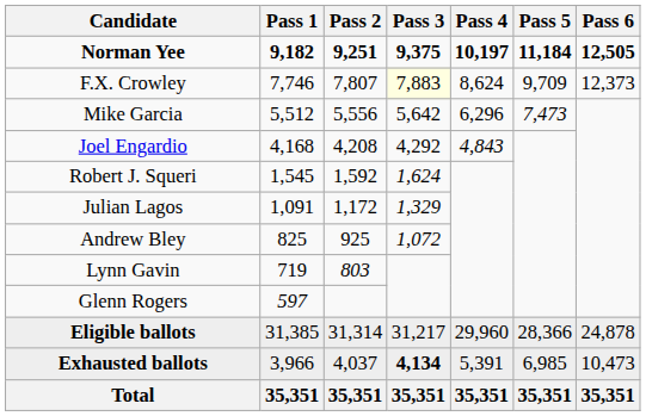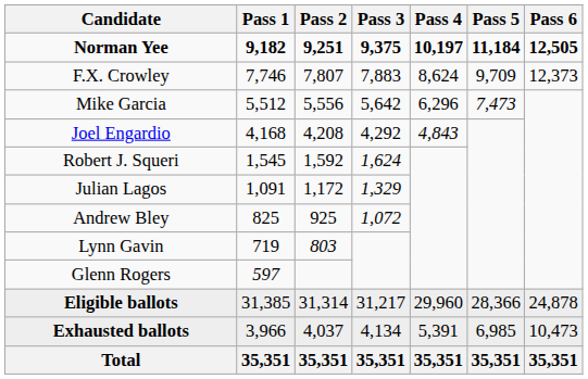 <table class="wikitable" style="text-align: center;">
 <tr>
 <th width="200">Candidate</th>
 <th>Pass 1</th>
 <th>Pass 2</th>
 <th>Pass 3</th>
 <th>Pass 4</th>
 <th>Pass 5</th>
 <th>Pass 6</th>
 </tr>
 <tr>
 <td><strong>Norman Yee</strong></td>
 <td><strong>9,182</strong></td>
 <td><strong>9,251</strong></td>
 <td><strong>9,375</strong></td>
 <td><strong>10,197</strong></td>
 <td><strong>11,184</strong></td>
 <td><strong>12,505</strong></td>
 </tr>
 <tr>
 <td>F.X. Crowley</td>
 <td>7,746</td>
 <td>7,807</td>
-<td style="background: lightyellow;">7,883</td>
+<td>7,883</td>
 <td>8,624</td>
 <td>9,709</td>
 <td>12,373</td>
 </tr>
 <tr>
 <td>Mike Garcia</td>
 <td>5,512</td>
 <td>5,556</td>
 <td>5,642</td>
 <td>6,296</td>
 <td><em>7,473</em></td>
 <td rowspan="7"></td>
 </tr>
 <tr>
 <td><a href='#'>Joel Engardio</a></td>
 <td>4,168</td>
 <td>4,208</td>
 <td>4,292</td>
 <td><em>4,843</em></td>
 <td rowspan="6"></td>
 </tr>
 <tr>
 <td>Robert J. Squeri</td>
 <td>1,545</td>
 <td>1,592</td>
 <td><em>1,624</em></td>
 <td rowspan="5"></td>
 </tr>
 <tr>
 <td>Julian Lagos</td>
 <td>1,091</td>
 <td>1,172</td>
 <td><em>1,329</em></td>
 </tr>
 <tr>
 <td>Andrew Bley</td>
 <td>825</td>
 <td>925</td>
 <td><em>1,072</em></td>
 </tr>
 <tr>
 <td>Lynn Gavin</td>
 <td>719</td>
 <td><em>803</em></td>
 <td rowspan="2"></td>
 </tr>
 <tr>
 <td>Glenn Rogers</td>
 <td><em>597</em></td>
 <td></td>
 </tr>
 <tr bgcolor="#EEEEEE">
 <td><strong>Eligible ballots</strong></td>
 <td>31,385</td>
 <td>31,314</td>
 <td>31,217</td>
 <td>29,960</td>
 <td>28,366</td>
 <td>24,878</td>
 </tr>
 <tr bgcolor="#EEEEEE">
 <td><strong>Exhausted ballots</strong></td>
 <td>3,966</td>
 <td>4,037</td>
-<td><strong>4,134</strong></td>
+<td>4,134</td>
 <td>5,391</td>
 <td>6,985</td>
 <td>10,473</td>
 </tr>
 <tr>
 <th scope="row">Total</th>
 <th>35,351</th>
 <th>35,351</th>
 <th>35,351</th>
 <th>35,351</th>
 <th>35,351</th>
 <th>35,351</th>
 </tr>
 </table>
